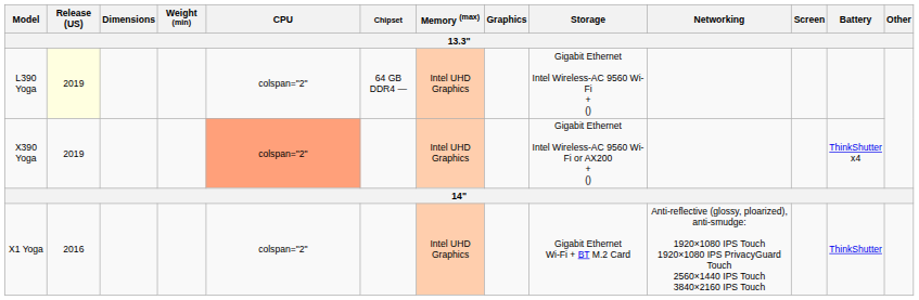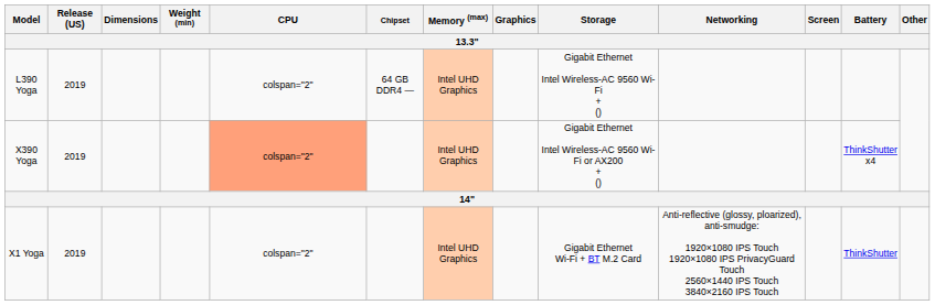 <table class="wikitable" style="font-size: 80%; text-align: center; min-width: 80%;">
 <tr>
 <th>Model</th>
 <th>Release (US)</th>
 <th>Dimensions</th>
 <th>Weight <sup>(min)</sup></th>
 <th style="width:17%">CPU</th>
 <th><small>Chipset</small></th>
 <th>Memory <sup>(max)</sup></th>
 <th>Graphics</th>
 <th>Storage</th>
 <th>Networking</th>
 <th>Screen</th>
 <th>Battery</th>
 <th>Other</th>
 </tr>
 <tr>
 <th colspan=13>13.3"</th>
 </tr>
 <tr>
 <td>L390 Yoga</td>
-<td style="background: lightyellow;">2019</td>
+<td>2019</td>
 <td></td>
 <td></td>
 <td>colspan="2" </td>
 <td style="background:">64 GB DDR4 — <br></td>
 <td style="background:#ffcead;">Intel UHD Graphics</td>
 <td></td>
 <td> Gigabit Ethernet<br><br>Intel Wireless-AC 9560 Wi-Fi <br>+  <br>()<br><small></small></td>
 <td></td>
 <td></td>
 <td></td>
 </tr>
 <tr>
 <td>X390 Yoga</td>
 <td>2019</td>
 <td></td>
 <td></td>
 <td style="background: lightsalmon;">colspan="2" </td>
 <td></td>
 <td style="background:#ffcead;">Intel UHD Graphics</td>
 <td></td>
 <td> Gigabit Ethernet<br><br>Intel Wireless-AC 9560 Wi-Fi or  AX200 <br>+  <br>()<br><small></small></td>
 <td></td>
 <td></td>
 <td><a href='#'>ThinkShutter</a><br> x4</td>
 </tr>
 <tr>
 <th colspan=13>14"</th>
 </tr>
 <tr>
 <td>X1 Yoga </td>
-<td>2016</td>
+<td>2019</td>
 <td></td>
 <td></td>
 <td>colspan="2" </td>
 <td></td>
 <td style="background:#ffcead;">Intel UHD Graphics</td>
 <td></td>
 <td> Gigabit Ethernet<br>Wi-Fi + <a href='#'>BT</a> M.2 Card</td>
 <td style="background:">Anti-reflective (glossy, ploarized), anti-smudge: <br><br>1920×1080 IPS Touch<br> 1920×1080 IPS PrivacyGuard Touch<br> 2560×1440 IPS Touch<br> 3840×2160 IPS Touch</td>
 <td></td>
 <td><a href='#'>ThinkShutter</a><br></td>
 </tr>
 </table>
